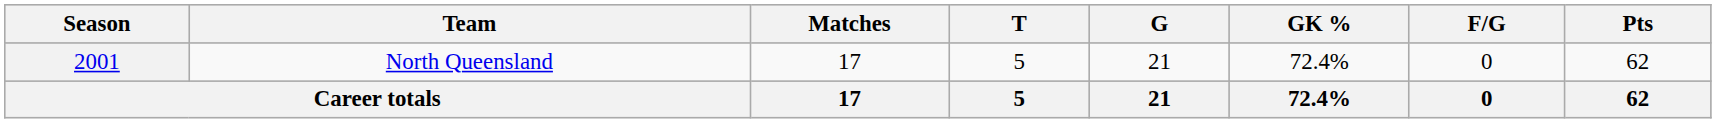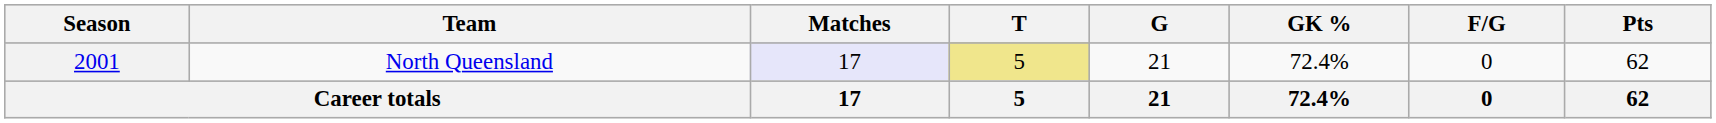 <table class="wikitable sortable"  style="font-size:90%; text-align:center; width:85%;">
 <tr>
 <th width=2%>Season</th>
 <th width=8%>Team</th>
 <th width=2%>Matches</th>
 <th width=2%>T</th>
 <th width=2%>G</th>
 <th width=2%>GK %</th>
 <th width=2%>F/G</th>
 <th width=2%>Pts</th>
 </tr>
 <tr>
 <th scope="row" style="text-align:center; font-weight:normal"><a href='#'>2001</a></th>
 <td style="text-align:center;"> <a href='#'>North Queensland</a></td>
-<td>17</td>
-<td>5</td>
+<td style="background: lavender;">17</td>
+<td style="background: khaki;">5</td>
 <td>21</td>
 <td>72.4%</td>
 <td>0</td>
 <td>62</td>
 </tr>
 <tr class="sortbottom">
 <th colspan=2>Career totals</th>
 <th>17</th>
 <th>5</th>
 <th>21</th>
 <th>72.4%</th>
 <th>0</th>
 <th>62</th>
 </tr>
 </table>
